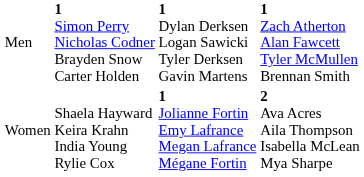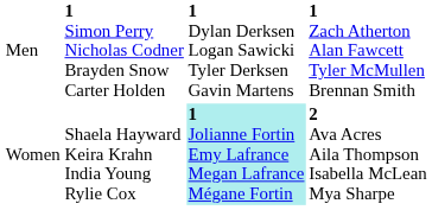 <table>
 <tr>
 <td>Men</td>
 <td><strong> 1</strong><br><a href='#'>Simon Perry</a><br><a href='#'>Nicholas Codner</a><br>Brayden Snow<br>Carter Holden</td>
 <td><strong> 1</strong><br>Dylan Derksen<br>Logan Sawicki<br>Tyler Derksen<br>Gavin Martens</td>
 <td><strong> 1</strong><br><a href='#'>Zach Atherton</a><br><a href='#'>Alan Fawcett</a><br><a href='#'>Tyler McMullen</a><br>Brennan Smith</td>
 </tr>
 <tr>
 <td>Women</td>
 <td><strong></strong><br>Shaela Hayward<br>Keira Krahn<br>India Young<br>Rylie Cox</td>
-<td><strong> 1</strong><br><a href='#'>Jolianne Fortin</a><br><a href='#'>Emy Lafrance</a><br><a href='#'>Megan Lafrance</a><br><a href='#'>Mégane Fortin</a></td>
+<td style="background: paleturquoise;"><strong> 1</strong><br><a href='#'>Jolianne Fortin</a><br><a href='#'>Emy Lafrance</a><br><a href='#'>Megan Lafrance</a><br><a href='#'>Mégane Fortin</a></td>
 <td><strong> 2</strong><br>Ava Acres<br>Aila Thompson<br>Isabella McLean<br>Mya Sharpe</td>
 </tr>
 </table>
